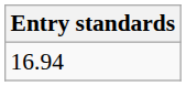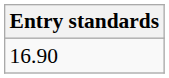 <table class="wikitable" border="1" align="upright">
 <tr>
 <th>Entry standards</th>
 </tr>
 <tr>
-<td>16.94</td>
+<td>16.90</td>
 </tr>
 </table>
